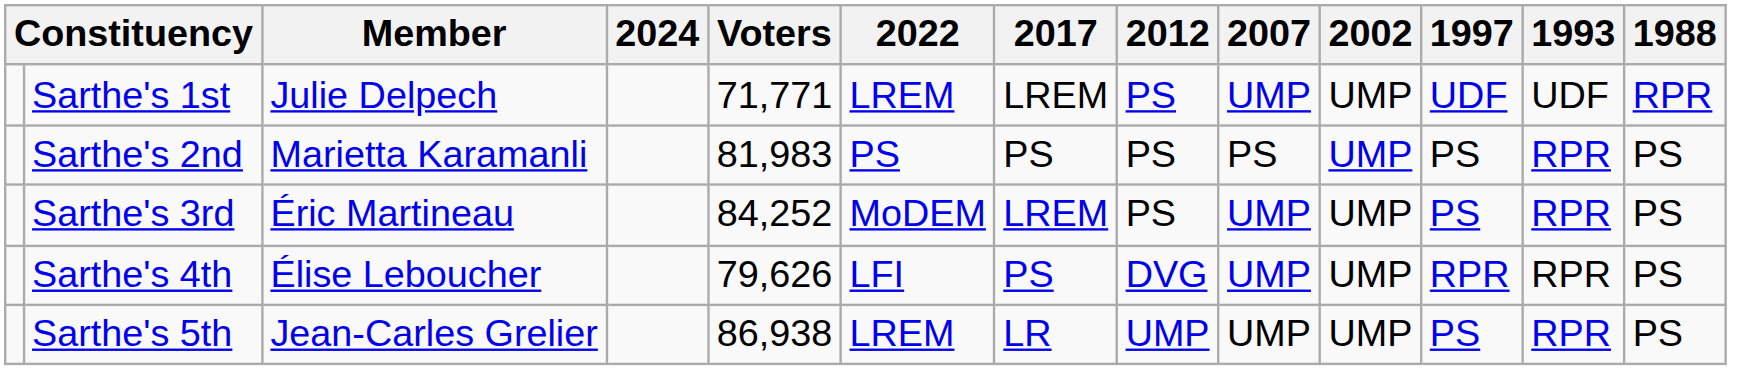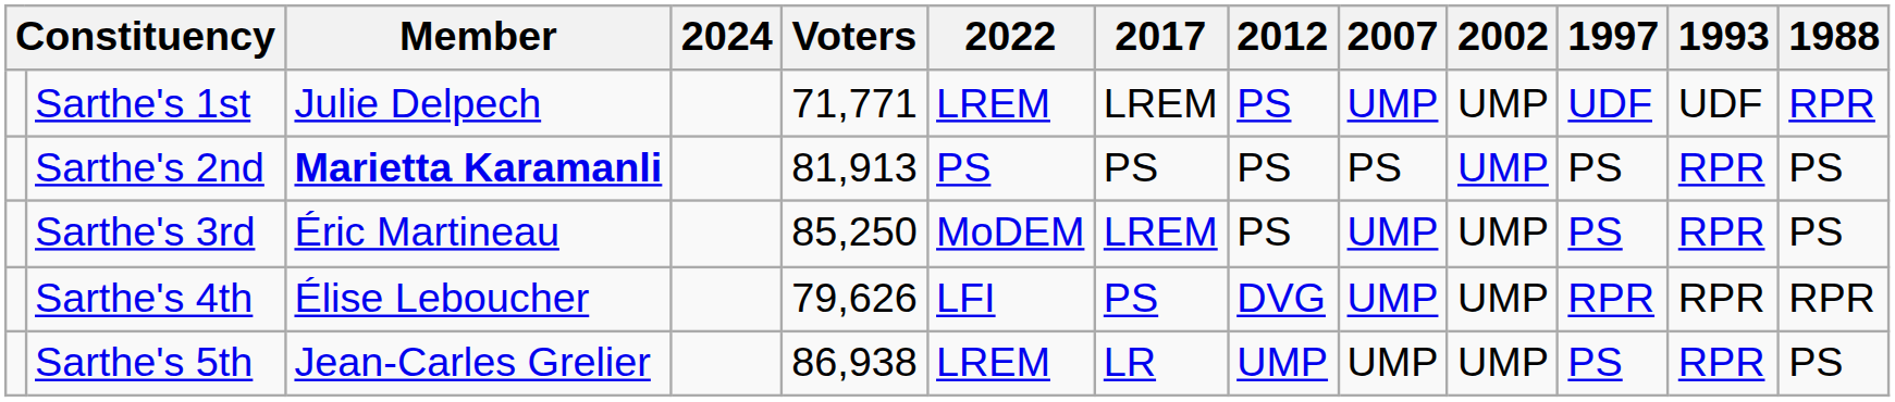 <table class="wikitable sortable">
 <tr>
 <th colspan="2">Constituency</th>
 <th>Member</th>
 <th>2024</th>
 <th>Voters</th>
 <th>2022</th>
 <th>2017</th>
 <th>2012</th>
 <th>2007</th>
 <th>2002</th>
 <th>1997</th>
 <th>1993</th>
 <th>1988</th>
 </tr>
 <tr>
 <td style="background-color: "></td>
 <td><a href='#'>Sarthe's 1st</a></td>
 <td><a href='#'>Julie Delpech</a></td>
 <td></td>
 <td>71,771</td>
 <td><a href='#'>LREM</a></td>
 <td>LREM</td>
 <td><a href='#'>PS</a></td>
 <td><a href='#'>UMP</a></td>
 <td>UMP</td>
 <td><a href='#'>UDF</a></td>
 <td>UDF</td>
 <td><a href='#'>RPR</a></td>
 </tr>
 <tr>
 <td style="background-color: "></td>
 <td><a href='#'>Sarthe's 2nd</a></td>
-<td><a href='#'>Marietta Karamanli</a></td>
+<td><strong><a href='#'>Marietta Karamanli</a></strong></td>
 <td></td>
-<td>81,983</td>
+<td>81,913</td>
 <td><a href='#'>PS</a></td>
 <td>PS</td>
 <td>PS</td>
 <td>PS</td>
 <td><a href='#'>UMP</a></td>
 <td>PS</td>
 <td><a href='#'>RPR</a></td>
 <td>PS</td>
 </tr>
 <tr>
 <td style="background-color: "></td>
 <td><a href='#'>Sarthe's 3rd</a></td>
 <td><a href='#'>Éric Martineau</a></td>
 <td></td>
-<td>84,252</td>
+<td>85,250</td>
 <td><a href='#'>MoDEM</a></td>
 <td><a href='#'>LREM</a></td>
 <td>PS</td>
 <td><a href='#'>UMP</a></td>
 <td>UMP</td>
 <td><a href='#'>PS</a></td>
 <td><a href='#'>RPR</a></td>
 <td>PS</td>
 </tr>
 <tr>
 <td style="background-color: "></td>
 <td><a href='#'>Sarthe's 4th</a></td>
 <td><a href='#'>Élise Leboucher</a></td>
 <td></td>
 <td>79,626</td>
 <td><a href='#'>LFI</a></td>
 <td><a href='#'>PS</a></td>
 <td><a href='#'>DVG</a></td>
 <td><a href='#'>UMP</a></td>
 <td>UMP</td>
 <td><a href='#'>RPR</a></td>
 <td>RPR</td>
-<td>PS</td>
+<td>RPR</td>
 </tr>
 <tr>
 <td style="background-color: "></td>
 <td><a href='#'>Sarthe's 5th</a></td>
 <td><a href='#'>Jean-Carles Grelier</a></td>
 <td></td>
 <td>86,938</td>
 <td><a href='#'>LREM</a></td>
 <td><a href='#'>LR</a></td>
 <td><a href='#'>UMP</a></td>
 <td>UMP</td>
 <td>UMP</td>
 <td><a href='#'>PS</a></td>
 <td><a href='#'>RPR</a></td>
 <td>PS</td>
 </tr>
 </table>
